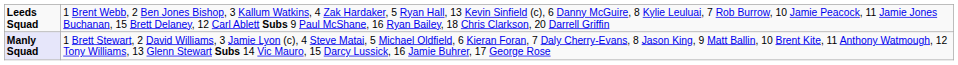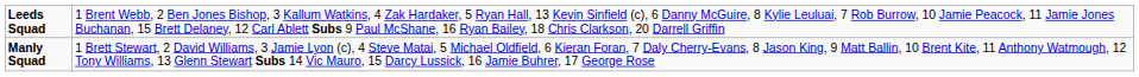 <table class="wikitable" style="font-size:85%;">
 <tr>
 <td><strong>Leeds Squad</strong></td>
 <td>1 <a href='#'>Brent Webb</a>, 2 <a href='#'>Ben Jones Bishop</a>, 3 <a href='#'>Kallum Watkins</a>, 4 <a href='#'>Zak Hardaker</a>, 5 <a href='#'>Ryan Hall</a>, 13 <a href='#'>Kevin Sinfield</a> (c), 6 <a href='#'>Danny McGuire</a>, 8 <a href='#'>Kylie Leuluai</a>, 7 <a href='#'>Rob Burrow</a>, 10 <a href='#'>Jamie Peacock</a>, 11 <a href='#'>Jamie Jones Buchanan</a>, 15 <a href='#'>Brett Delaney</a>, 12 <a href='#'>Carl Ablett</a> <strong>Subs</strong> 9 <a href='#'>Paul McShane</a>, 16 <a href='#'>Ryan Bailey</a>, 18 <a href='#'>Chris Clarkson</a>, 20 <a href='#'>Darrell Griffin</a></td>
 </tr>
 <tr>
-<td style="background: lavender;"><strong>Manly Squad</strong></td>
+<td><strong>Manly Squad</strong></td>
 <td>1 <a href='#'>Brett Stewart</a>, 2 <a href='#'>David Williams</a>, 3 <a href='#'>Jamie Lyon</a> (c), 4 <a href='#'>Steve Matai</a>, 5 <a href='#'>Michael Oldfield</a>, 6 <a href='#'>Kieran Foran</a>, 7 <a href='#'>Daly Cherry-Evans</a>, 8 <a href='#'>Jason King</a>, 9 <a href='#'>Matt Ballin</a>, 10 <a href='#'>Brent Kite</a>, 11 <a href='#'>Anthony Watmough</a>, 12 <a href='#'>Tony Williams</a>, 13 <a href='#'>Glenn Stewart</a> <strong>Subs</strong> 14 <a href='#'>Vic Mauro</a>, 15 <a href='#'>Darcy Lussick</a>, 16 <a href='#'>Jamie Buhrer</a>, 17 <a href='#'>George Rose</a></td>
 </tr>
 </table>
